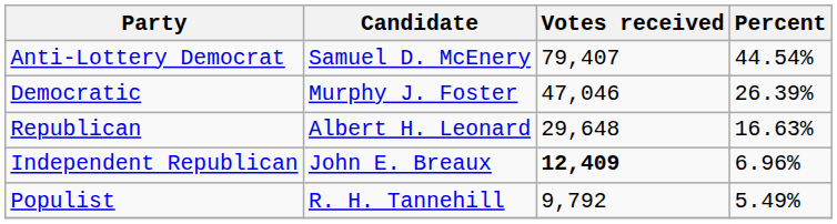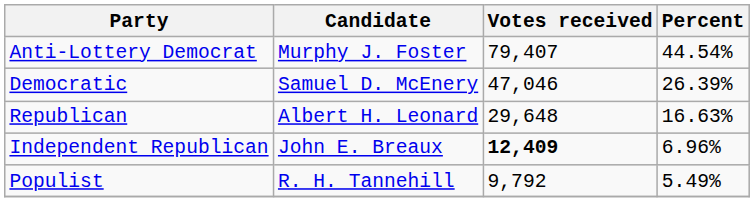 <table class="wikitable">
 <tr>
 <th>Party</th>
 <th>Candidate</th>
 <th>Votes received</th>
 <th>Percent</th>
 </tr>
 <tr>
 <td><a href='#'>Anti-Lottery Democrat</a></td>
-<td><a href='#'>Samuel D. McEnery</a></td>
+<td><a href='#'>Murphy J. Foster</a></td>
 <td>79,407</td>
 <td>44.54%</td>
 </tr>
 <tr>
 <td><a href='#'>Democratic</a></td>
-<td><a href='#'>Murphy J. Foster</a></td>
+<td><a href='#'>Samuel D. McEnery</a></td>
 <td>47,046</td>
 <td>26.39%</td>
 </tr>
 <tr>
 <td><a href='#'>Republican</a></td>
 <td><a href='#'>Albert H. Leonard</a></td>
 <td>29,648</td>
 <td>16.63%</td>
 </tr>
 <tr>
 <td><a href='#'>Independent Republican</a></td>
 <td><a href='#'>John E. Breaux</a></td>
 <td><strong>12,409</strong></td>
 <td>6.96%</td>
 </tr>
 <tr>
 <td><a href='#'>Populist</a></td>
 <td><a href='#'>R. H. Tannehill</a></td>
 <td>9,792</td>
 <td>5.49%</td>
 </tr>
 <tr>
 </tr>
 </table>
